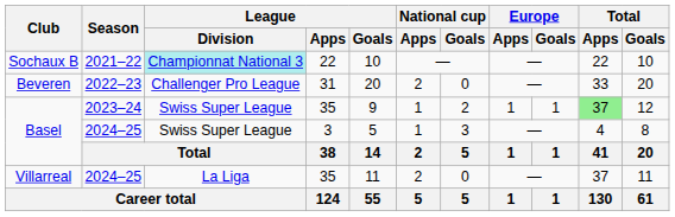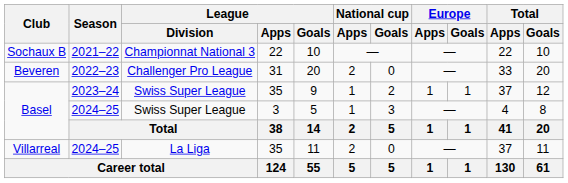 <table class="wikitable" style="text-align: center">
 <tr>
 <th rowspan="2">Club</th>
 <th rowspan="2">Season</th>
 <th colspan="3">League</th>
 <th colspan="2">National cup</th>
 <th colspan="2"><a href='#'>Europe</a></th>
 <th colspan="2">Total</th>
 </tr>
 <tr>
 <th>Division</th>
 <th>Apps</th>
 <th>Goals</th>
 <th>Apps</th>
 <th>Goals</th>
 <th>Apps</th>
 <th>Goals</th>
 <th>Apps</th>
 <th>Goals</th>
 </tr>
 <tr>
 <td><a href='#'>Sochaux B</a></td>
 <td><a href='#'>2021–22</a></td>
-<td style="background: paleturquoise;"><a href='#'>Championnat National 3</a></td>
+<td><a href='#'>Championnat National 3</a></td>
 <td>22</td>
 <td>10</td>
 <td colspan="2">—</td>
 <td colspan="2">—</td>
 <td>22</td>
 <td>10</td>
 </tr>
 <tr>
 <td><a href='#'>Beveren</a></td>
 <td><a href='#'>2022–23</a></td>
 <td><a href='#'>Challenger Pro League</a></td>
 <td>31</td>
 <td>20</td>
 <td>2</td>
 <td>0</td>
 <td colspan="2">—</td>
 <td>33</td>
 <td>20</td>
 </tr>
 <tr>
 <td rowspan="3"><a href='#'>Basel</a></td>
 <td><a href='#'>2023–24</a></td>
 <td><a href='#'>Swiss Super League</a></td>
 <td>35</td>
 <td>9</td>
 <td>1</td>
 <td>2</td>
 <td>1</td>
 <td>1</td>
-<td style="background: lightgreen;">37</td>
+<td>37</td>
 <td>12</td>
 </tr>
 <tr>
 <td><a href='#'>2024–25</a></td>
 <td>Swiss Super League</td>
 <td>3</td>
 <td>5</td>
 <td>1</td>
 <td>3</td>
 <td colspan="2">—</td>
 <td>4</td>
 <td>8</td>
 </tr>
 <tr>
 <th colspan="2">Total</th>
 <th>38</th>
 <th>14</th>
 <th>2</th>
 <th>5</th>
 <th>1</th>
 <th>1</th>
 <th>41</th>
 <th>20</th>
 </tr>
 <tr>
 <td><a href='#'>Villarreal</a></td>
 <td><a href='#'>2024–25</a></td>
 <td><a href='#'>La Liga</a></td>
 <td>35</td>
 <td>11</td>
 <td>2</td>
 <td>0</td>
 <td colspan="2">—</td>
 <td>37</td>
 <td>11</td>
 </tr>
 <tr>
 <th colspan="3">Career total</th>
 <th>124</th>
 <th>55</th>
 <th>5</th>
 <th>5</th>
 <th>1</th>
 <th>1</th>
 <th>130</th>
 <th>61</th>
 </tr>
 </table>
